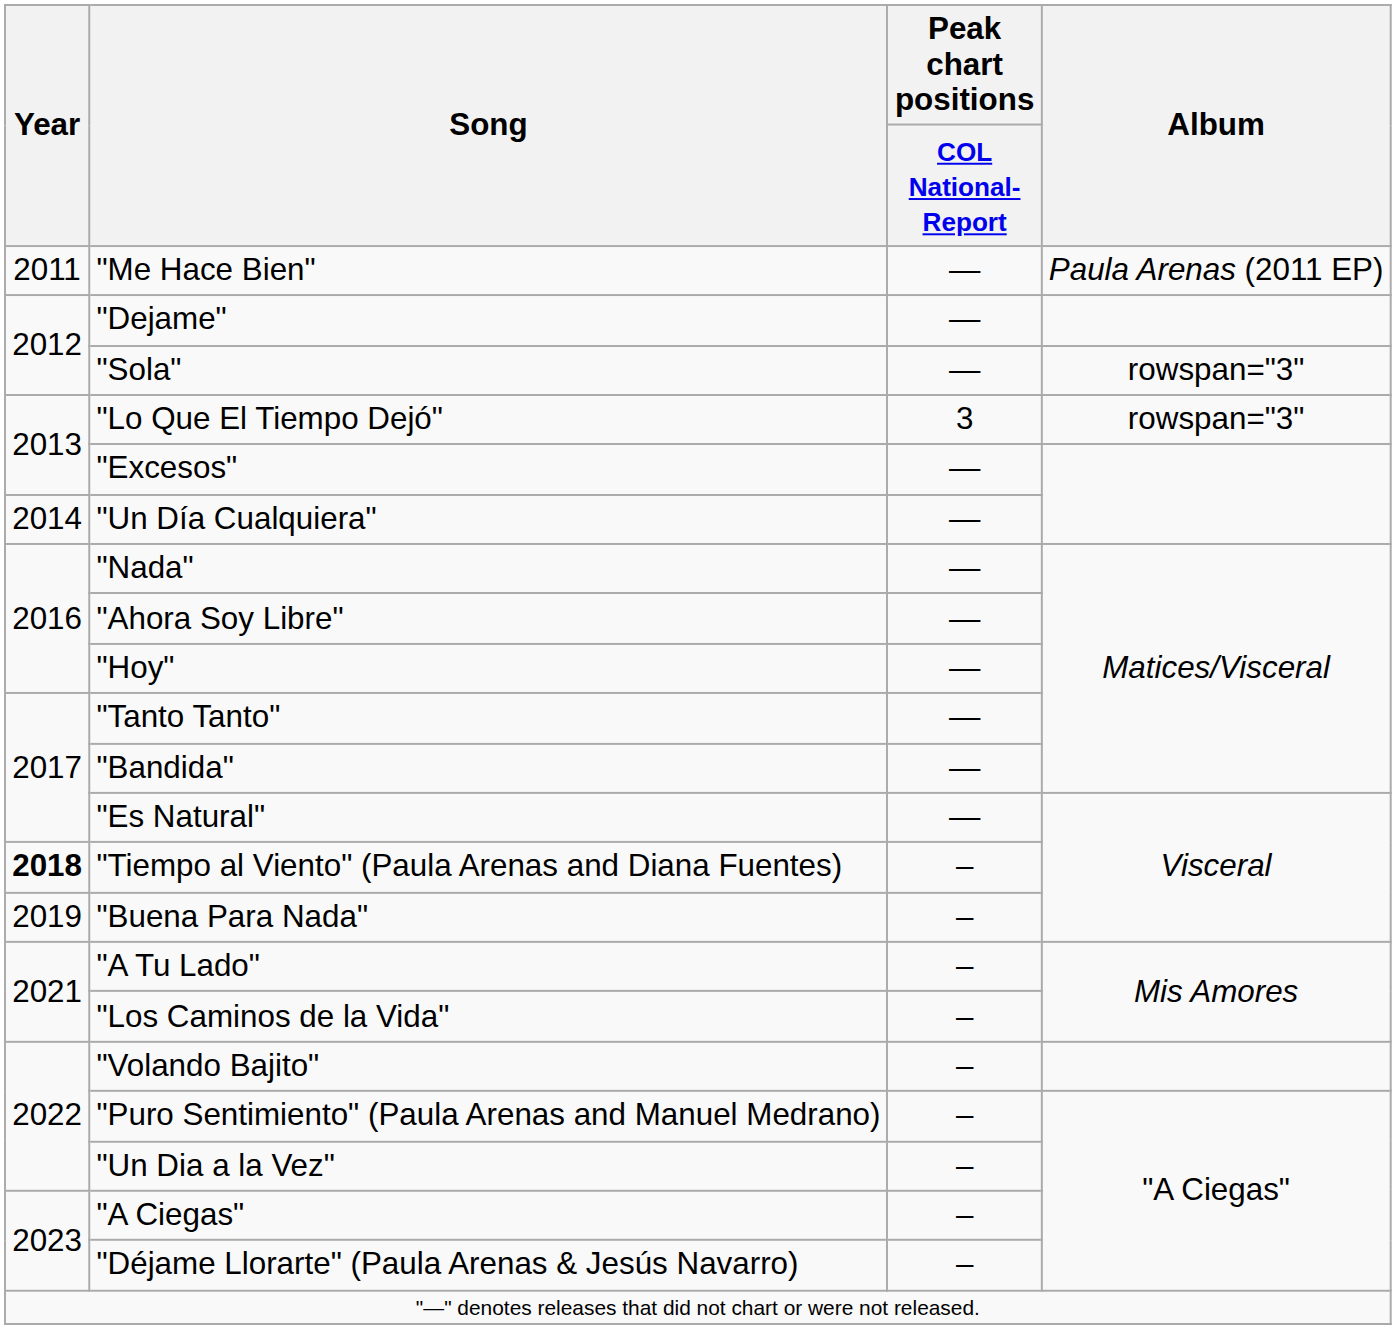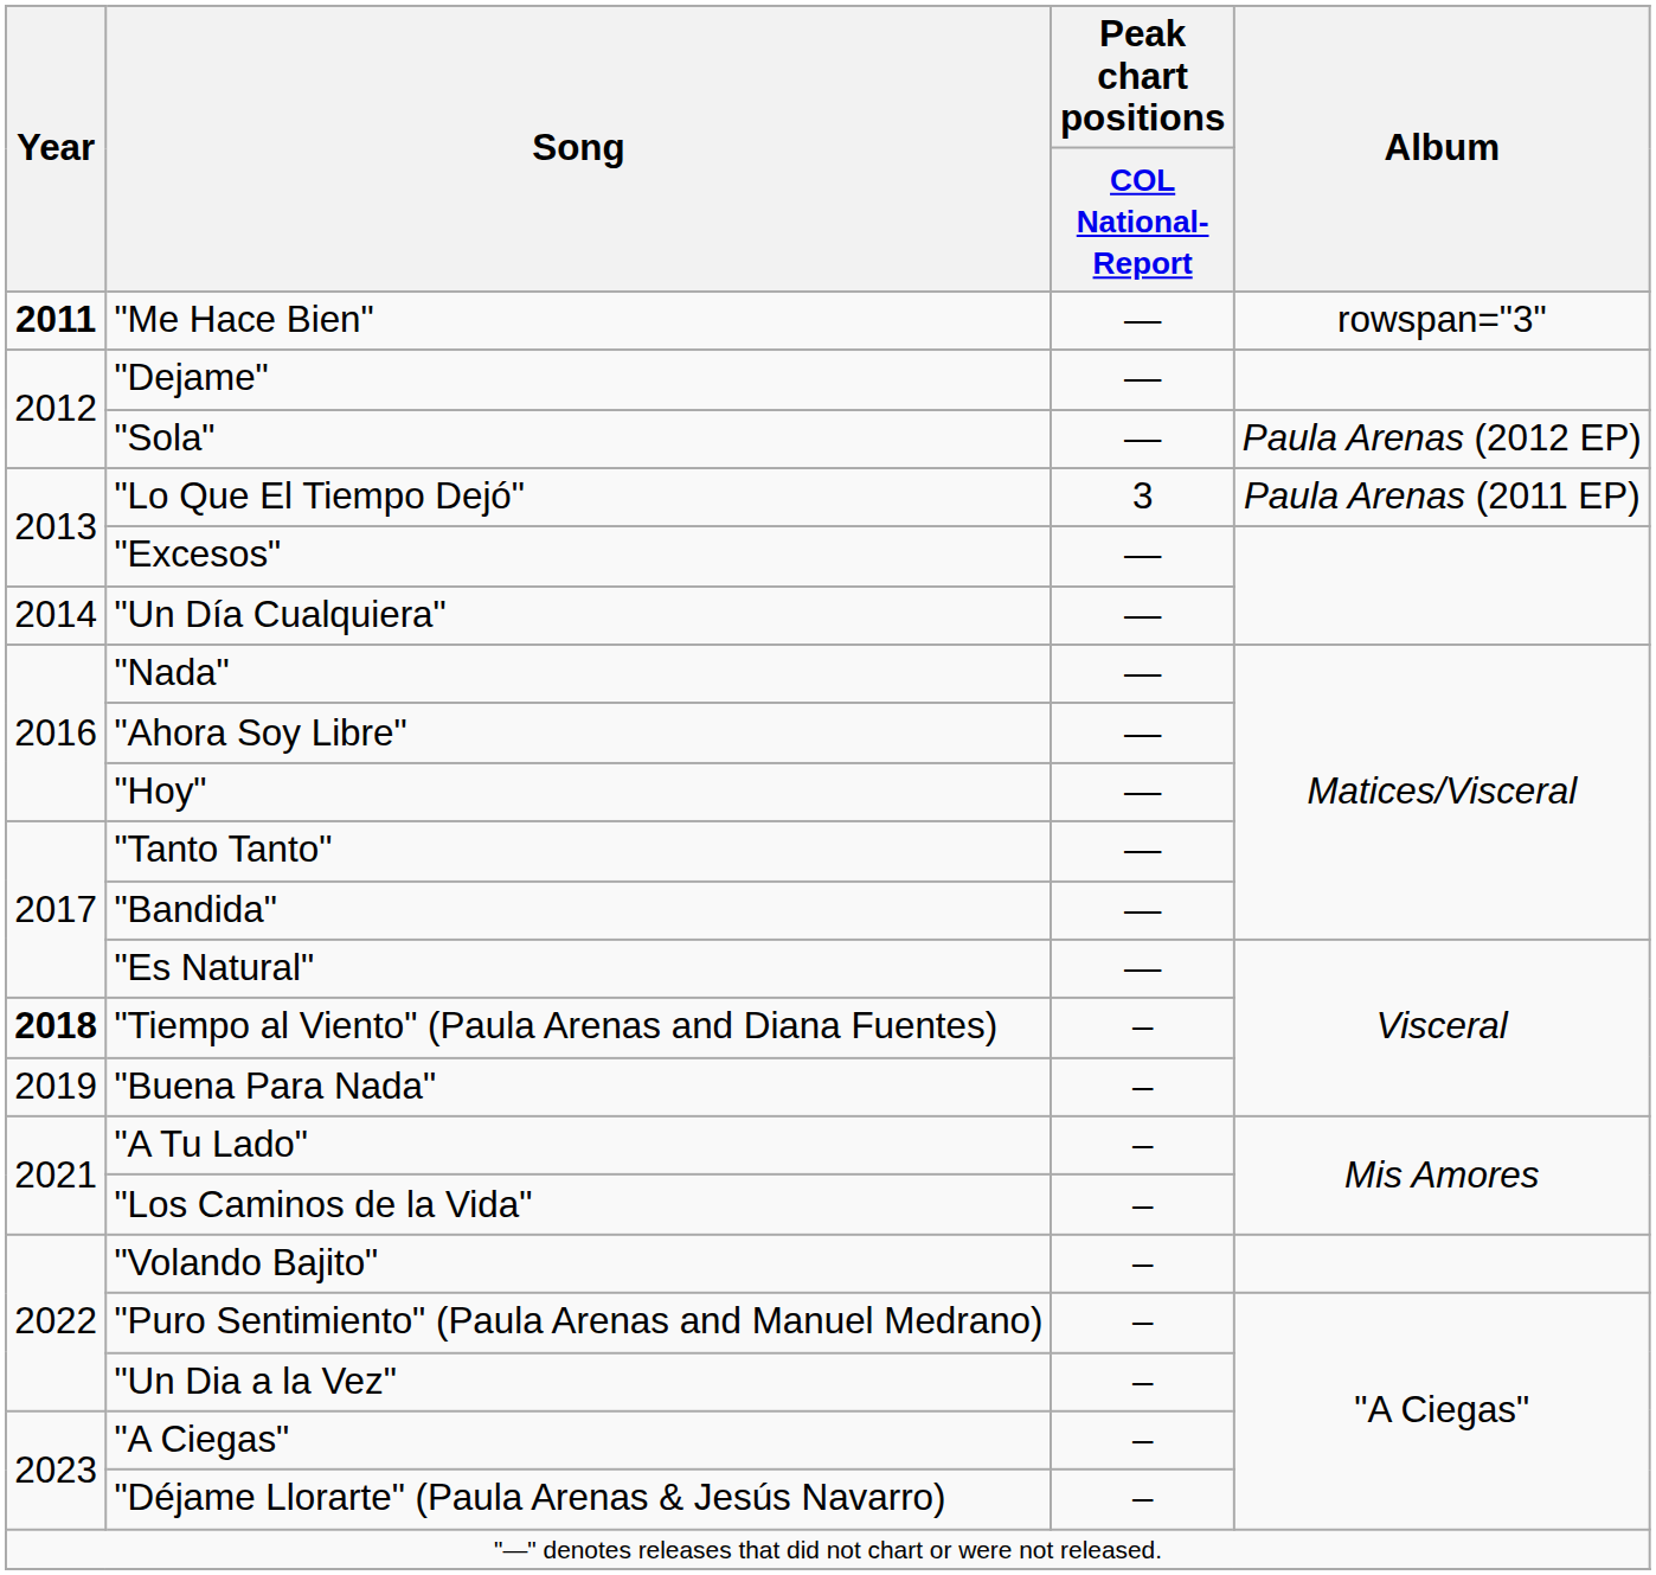 <table class="wikitable plainrowheaders" style="text-align:center;">
 <tr>
 <th rowspan="2">Year</th>
 <th rowspan="2">Song</th>
 <th>Peak chart positions</th>
 <th rowspan="2">Album</th>
 </tr>
 <tr>
 <th width="35"><small><strong><a href='#'>COL</a><br><a href='#'>National-Report</a></strong></small></th>
 </tr>
 <tr>
-<td>2011</td>
+<td><strong>2011</strong></td>
 <td style="text-align:left;">"Me Hace Bien"</td>
 <td>—</td>
-<td><em>Paula Arenas</em> (2011 EP)</td>
+<td>rowspan="3" </td>
 </tr>
 <tr>
 <td rowspan="2">2012</td>
 <td style="text-align:left;">"Dejame"</td>
 <td>—</td>
 <td></td>
 </tr>
 <tr>
 <td style="text-align:left;">"Sola"</td>
 <td>—</td>
-<td>rowspan="3" </td>
+<td><em>Paula Arenas</em> (2012 EP)</td>
 </tr>
 <tr>
 <td rowspan="2">2013</td>
 <td style="text-align:left;">"Lo Que El Tiempo Dejó"</td>
 <td>3</td>
-<td>rowspan="3" </td>
+<td><em>Paula Arenas</em> (2011 EP)</td>
 </tr>
 <tr>
 <td style="text-align:left;">"Excesos"</td>
 <td>—</td>
 </tr>
 <tr>
 <td>2014</td>
 <td style="text-align:left;">"Un Día Cualquiera"</td>
 <td>—</td>
 </tr>
 <tr>
 <td rowspan="3">2016</td>
 <td style="text-align:left;">"Nada"</td>
 <td>—</td>
 <td rowspan="5"><em>Matices/Visceral</em></td>
 </tr>
 <tr>
 <td style="text-align:left;">"Ahora Soy Libre"</td>
 <td>—</td>
 </tr>
 <tr>
 <td style="text-align:left;">"Hoy"</td>
 <td>—</td>
 </tr>
 <tr>
 <td rowspan="3">2017</td>
 <td style="text-align:left;">"Tanto Tanto"</td>
 <td>—</td>
 </tr>
 <tr>
 <td style="text-align:left;">"Bandida"</td>
 <td>—</td>
 </tr>
 <tr>
 <td style="text-align:left;">"Es Natural"</td>
 <td>—</td>
 <td rowspan="3"><em>Visceral</em></td>
 </tr>
 <tr>
 <td rowspan="1"><strong>2018</strong></td>
 <td style="text-align:left;">"Tiempo al Viento" (Paula Arenas and Diana Fuentes)</td>
 <td>–</td>
 </tr>
 <tr>
 <td rowspan="1">2019</td>
 <td style="text-align:left;">"Buena Para Nada"</td>
 <td>–</td>
 </tr>
 <tr>
 <td rowspan="2">2021</td>
 <td style="text-align:left;">"A Tu Lado"</td>
 <td>–</td>
 <td rowspan="2"><em>Mis Amores</em></td>
 </tr>
 <tr>
 <td style="text-align:left;">"Los Caminos de la Vida"</td>
 <td>–</td>
 </tr>
 <tr>
 <td rowspan="3">2022</td>
 <td style="text-align:left;">"Volando Bajito"</td>
 <td>–</td>
 <td></td>
 </tr>
 <tr>
 <td style="text-align:left;">"Puro Sentimiento" (Paula Arenas and Manuel Medrano)</td>
 <td>–</td>
 <td rowspan="4">"A Ciegas"</td>
 </tr>
 <tr>
 <td style="text-align:left;">"Un Dia a la Vez"</td>
 <td>–</td>
 </tr>
 <tr>
 <td rowspan="2">2023</td>
 <td style="text-align:left;">"A Ciegas"</td>
 <td>–</td>
 </tr>
 <tr>
 <td style="text-align:left;">"Déjame Llorarte" (Paula Arenas & Jesús Navarro)</td>
 <td>–</td>
 </tr>
 <tr>
 <td colspan="4" style="font-size: 8pt" align=center>"—" denotes releases that did not chart or were not released.</td>
 </tr>
 <tr>
 </tr>
 </table>
